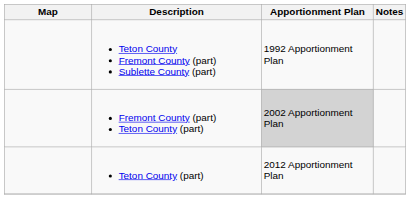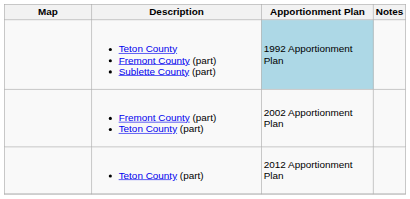 <table class="wikitable sortable">
 <tr>
 <th style="width:100pt;">Map</th>
 <th style="width:200pt;">Description</th>
 <th style="width:130pt;">Apportionment Plan</th>
 <th style="width:15pt;">Notes</th>
 </tr>
 <tr>
 <td></td>
 <td><br><ul><li><a href='#'>Teton County</a></li><li><a href='#'>Fremont County</a> (part)</li><li><a href='#'>Sublette County</a> (part)</li></ul></td>
-<td>1992 Apportionment Plan</td>
+<td style="background: lightblue;">1992 Apportionment Plan</td>
 <td></td>
 </tr>
 <tr>
 <td></td>
 <td><br><ul><li><a href='#'>Fremont County</a> (part)</li><li><a href='#'>Teton County</a> (part)</li></ul></td>
-<td style="background: lightgrey;">2002 Apportionment Plan</td>
+<td>2002 Apportionment Plan</td>
 <td></td>
 </tr>
 <tr>
 <td></td>
 <td><br><ul><li><a href='#'>Teton County</a> (part)</li></ul></td>
 <td>2012 Apportionment Plan</td>
 <td></td>
 </tr>
 <tr>
 </tr>
 </table>
